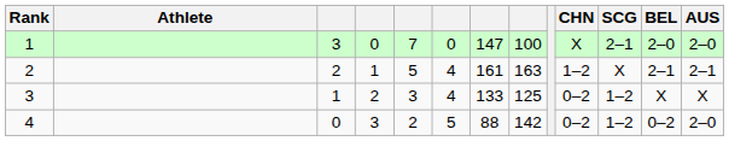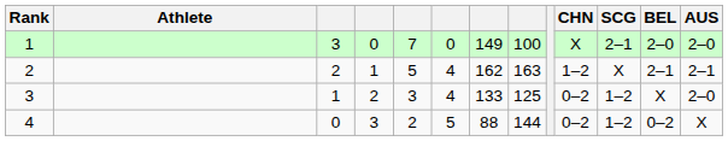 <table class="wikitable" style="text-align:center">
 <tr>
 <th>Rank</th>
 <th width=250>Athlete</th>
 <th width=30></th>
 <th width=30></th>
 <th width=30></th>
 <th width=30></th>
 <th width=30></th>
 <th width=30></th>
 <th rowspan=5></th>
 <th width=30>CHN</th>
 <th width=30>SCG</th>
 <th width=30>BEL</th>
 <th width=30>AUS</th>
 </tr>
 <tr style="background-color:#ccffcc;">
 <td>1</td>
 <td align=left></td>
 <td>3</td>
 <td>0</td>
 <td>7</td>
 <td>0</td>
-<td>147</td>
+<td>149</td>
 <td>100</td>
 <td>X</td>
 <td>2–1</td>
 <td>2–0</td>
 <td>2–0</td>
 </tr>
 <tr>
 <td>2</td>
 <td align=left></td>
 <td>2</td>
 <td>1</td>
 <td>5</td>
 <td>4</td>
-<td>161</td>
+<td>162</td>
 <td>163</td>
 <td>1–2</td>
 <td>X</td>
 <td>2–1</td>
 <td>2–1</td>
 </tr>
 <tr>
 <td>3</td>
 <td align=left></td>
 <td>1</td>
 <td>2</td>
 <td>3</td>
 <td>4</td>
 <td>133</td>
 <td>125</td>
 <td>0–2</td>
 <td>1–2</td>
 <td>X</td>
-<td>X</td>
+<td>2–0</td>
 </tr>
 <tr>
 <td>4</td>
 <td align=left></td>
 <td>0</td>
 <td>3</td>
 <td>2</td>
 <td>5</td>
 <td>88</td>
-<td>142</td>
+<td>144</td>
 <td>0–2</td>
 <td>1–2</td>
 <td>0–2</td>
-<td>2–0</td>
+<td>X</td>
 </tr>
 </table>
